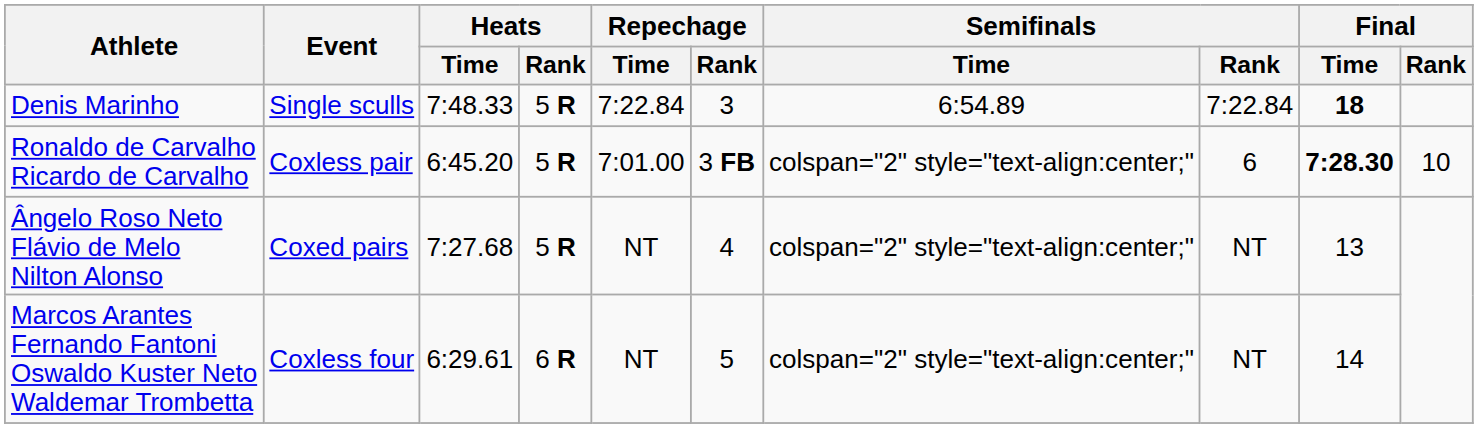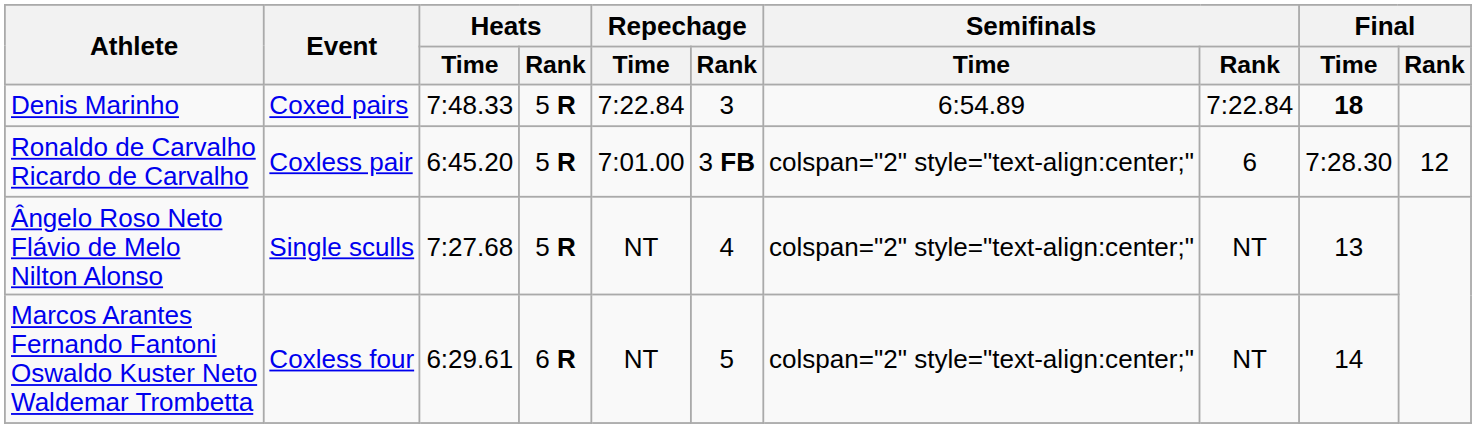 <table class="wikitable" style="font-size:90%">
 <tr>
 <th rowspan="2">Athlete</th>
 <th rowspan="2">Event</th>
 <th colspan="2">Heats</th>
 <th colspan="2">Repechage</th>
 <th colspan="2">Semifinals</th>
 <th colspan="2">Final</th>
 </tr>
 <tr style="font-size:95%">
 <th>Time</th>
 <th>Rank</th>
 <th>Time</th>
 <th>Rank</th>
 <th>Time</th>
 <th>Rank</th>
 <th>Time</th>
 <th>Rank</th>
 </tr>
 <tr align=center>
 <td align=left><a href='#'>Denis Marinho</a></td>
-<td align=left><a href='#'>Single sculls</a></td>
+<td align=left><a href='#'>Coxed pairs</a></td>
 <td>7:48.33</td>
 <td>5 <strong>R</strong></td>
 <td>7:22.84</td>
 <td>3</td>
 <td>6:54.89</td>
 <td>7:22.84</td>
 <td><strong>18</strong></td>
 </tr>
 <tr align=center>
 <td align=left><a href='#'>Ronaldo de Carvalho</a><br><a href='#'>Ricardo de Carvalho</a></td>
 <td align=left><a href='#'>Coxless pair</a></td>
 <td>6:45.20</td>
 <td>5 <strong>R</strong></td>
 <td>7:01.00</td>
 <td>3 <strong>FB</strong></td>
 <td>colspan="2" style="text-align:center;" </td>
 <td>6</td>
-<td><strong>7:28.30</strong></td>
-<td>10</td>
+<td>7:28.30</td>
+<td>12</td>
 </tr>
 <tr align=center>
 <td align=left><a href='#'>Ângelo Roso Neto</a><br><a href='#'>Flávio de Melo</a><br><a href='#'>Nilton Alonso</a></td>
-<td align=left><a href='#'>Coxed pairs</a></td>
+<td align=left><a href='#'>Single sculls</a></td>
 <td>7:27.68</td>
 <td>5 <strong>R</strong></td>
 <td>NT</td>
 <td>4</td>
 <td>colspan="2" style="text-align:center;" </td>
 <td>NT</td>
 <td>13</td>
 </tr>
 <tr align=center>
 <td align=left><a href='#'>Marcos Arantes</a><br><a href='#'>Fernando Fantoni</a><br><a href='#'>Oswaldo Kuster Neto</a><br><a href='#'>Waldemar Trombetta</a></td>
 <td align=left><a href='#'>Coxless four</a></td>
 <td>6:29.61</td>
 <td>6 <strong>R</strong></td>
 <td>NT</td>
 <td>5</td>
 <td>colspan="2" style="text-align:center;" </td>
 <td>NT</td>
 <td>14</td>
 </tr>
 </table>
